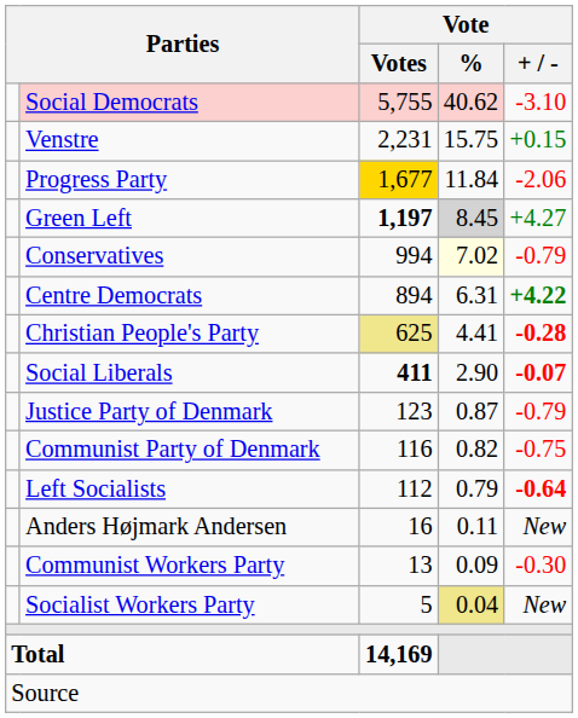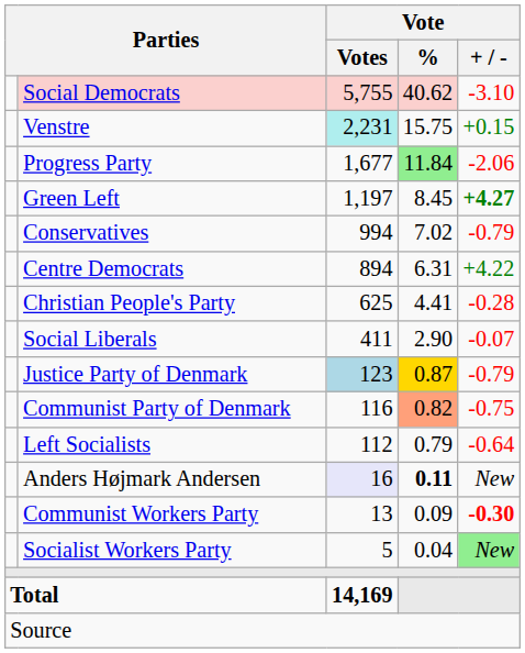 <table class="wikitable" style="text-align:right;">
 <tr>
 <th style="text-align:centre;" rowspan="2" colspan="2" width="225">Parties</th>
 <th colspan="3">Vote</th>
 </tr>
 <tr>
 <th width="15">Votes</th>
 <th width="15">%</th>
 <th width="15">+ / -</th>
 </tr>
 <tr>
 <td width="2" style="color:inherit;background:"></td>
 <td bgcolor=#fbd0ce  align="left"><a href='#'>Social Democrats</a></td>
 <td bgcolor=#fbd0ce>5,755</td>
 <td bgcolor=#fbd0ce>40.62</td>
 <td style=color:red;>-3.10</td>
 </tr>
 <tr>
 <td width="2" style="color:inherit;background:"></td>
 <td align="left"><a href='#'>Venstre</a></td>
-<td>2,231</td>
+<td style="background: paleturquoise;">2,231</td>
 <td>15.75</td>
 <td style=color:green;>+0.15</td>
 </tr>
 <tr>
 <td width="2" style="color:inherit;background:"></td>
 <td align="left"><a href='#'>Progress Party</a></td>
-<td style="background: gold;">1,677</td>
-<td>11.84</td>
+<td>1,677</td>
+<td style="background: lightgreen;">11.84</td>
 <td style=color:red;>-2.06</td>
 </tr>
 <tr>
 <td width="2" style="color:inherit;background:"></td>
 <td align="left"><a href='#'>Green Left</a></td>
-<td><strong>1,197</strong></td>
-<td style="background: lightgrey;">8.45</td>
-<td style=color:green;>+4.27</td>
+<td>1,197</td>
+<td>8.45</td>
+<td style=color:green;><strong>+4.27</strong></td>
 </tr>
 <tr>
 <td width="2" style="color:inherit;background:"></td>
 <td align="left"><a href='#'>Conservatives</a></td>
 <td>994</td>
-<td style="background: lightyellow;">7.02</td>
+<td>7.02</td>
 <td style=color:red;>-0.79</td>
 </tr>
 <tr>
 <td width="2" style="color:inherit;background:"></td>
 <td align="left"><a href='#'>Centre Democrats</a></td>
 <td>894</td>
 <td>6.31</td>
-<td style=color:green;><strong>+4.22</strong></td>
+<td style=color:green;>+4.22</td>
 </tr>
 <tr>
 <td width="2" style="color:inherit;background:"></td>
 <td align="left"><a href='#'>Christian People's Party</a></td>
-<td style="background: khaki;">625</td>
+<td>625</td>
 <td>4.41</td>
-<td style=color:red;><strong>-0.28</strong></td>
+<td style=color:red;>-0.28</td>
 </tr>
 <tr>
 <td width="2" style="color:inherit;background:"></td>
 <td align="left"><a href='#'>Social Liberals</a></td>
-<td><strong>411</strong></td>
+<td>411</td>
 <td>2.90</td>
-<td style=color:red;><strong>-0.07</strong></td>
+<td style=color:red;>-0.07</td>
 </tr>
 <tr>
 <td width="2" style="color:inherit;background:"></td>
 <td align="left"><a href='#'>Justice Party of Denmark</a></td>
-<td>123</td>
-<td>0.87</td>
+<td style="background: lightblue;">123</td>
+<td style="background: gold;">0.87</td>
 <td style=color:red;>-0.79</td>
 </tr>
 <tr>
 <td width="2" style="color:inherit;background:"></td>
 <td align="left"><a href='#'>Communist Party of Denmark</a></td>
 <td>116</td>
-<td>0.82</td>
+<td style="background: lightsalmon;">0.82</td>
 <td style=color:red;>-0.75</td>
 </tr>
 <tr>
 <td width="2" style="color:inherit;background:"></td>
 <td align="left"><a href='#'>Left Socialists</a></td>
 <td>112</td>
 <td>0.79</td>
-<td style=color:red;><strong>-0.64</strong></td>
+<td style=color:red;>-0.64</td>
 </tr>
 <tr>
 <td width="2" style="color:inherit;background:"></td>
 <td align="left">Anders Højmark Andersen</td>
-<td>16</td>
-<td>0.11</td>
+<td style="background: lavender;">16</td>
+<td><strong>0.11</strong></td>
 <td><em>New</em></td>
 </tr>
 <tr>
 <td width="2" style="color:inherit;background:"></td>
 <td align="left"><a href='#'>Communist Workers Party</a></td>
 <td>13</td>
 <td>0.09</td>
-<td style=color:red;>-0.30</td>
+<td style=color:red;><strong>-0.30</strong></td>
 </tr>
 <tr>
 <td width="2" style="color:inherit;background:"></td>
 <td align="left"><a href='#'>Socialist Workers Party</a></td>
 <td>5</td>
-<td style="background: khaki;">0.04</td>
-<td><em>New</em></td>
+<td>0.04</td>
+<td style="background: lightgreen;"><em>New</em></td>
 </tr>
 <tr>
 <td colspan="7" bgcolor="#E9E9E9"></td>
 </tr>
 <tr>
 <td align="left" colspan="2"><strong>Total</strong></td>
 <td><strong>14,169</strong></td>
 <td bgcolor="#E9E9E9" colspan="2"></td>
 </tr>
 <tr>
 <td align="left" colspan="6">Source</td>
 </tr>
 </table>
